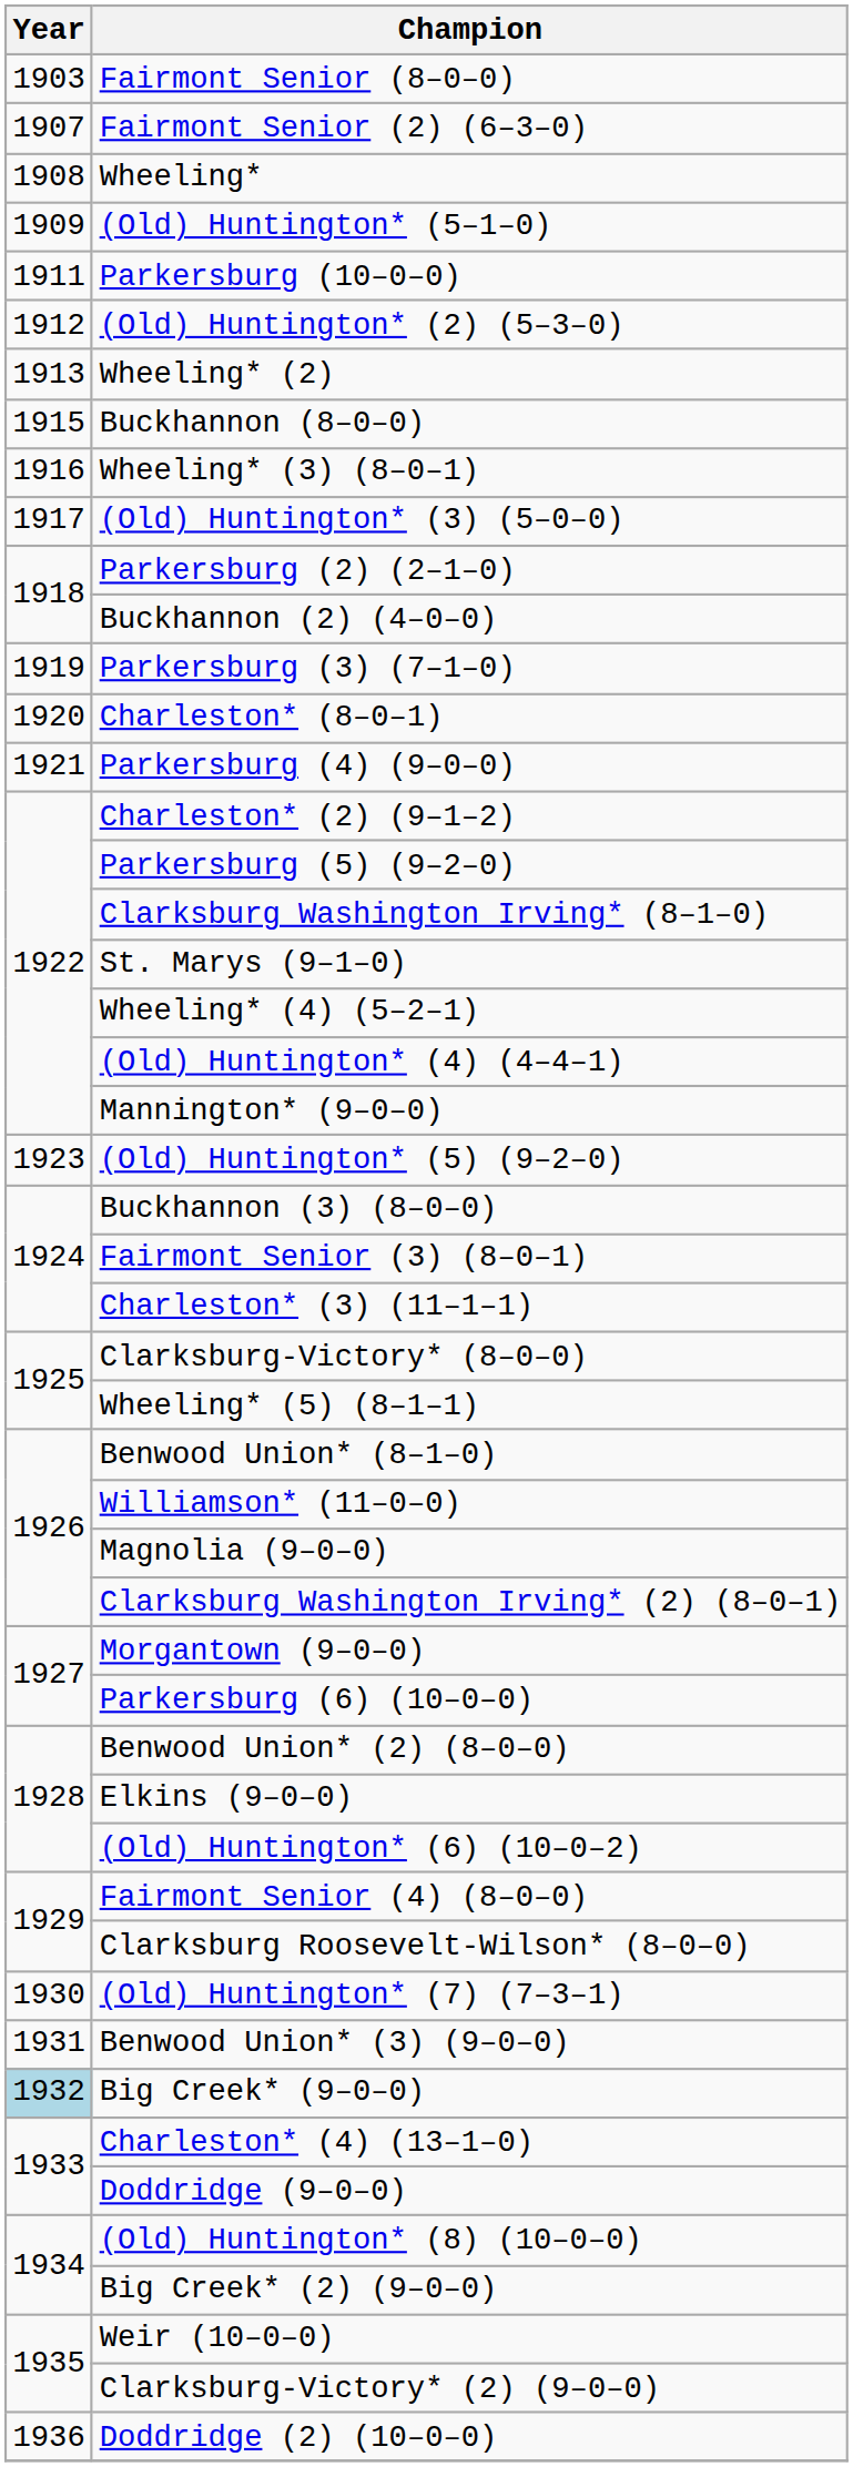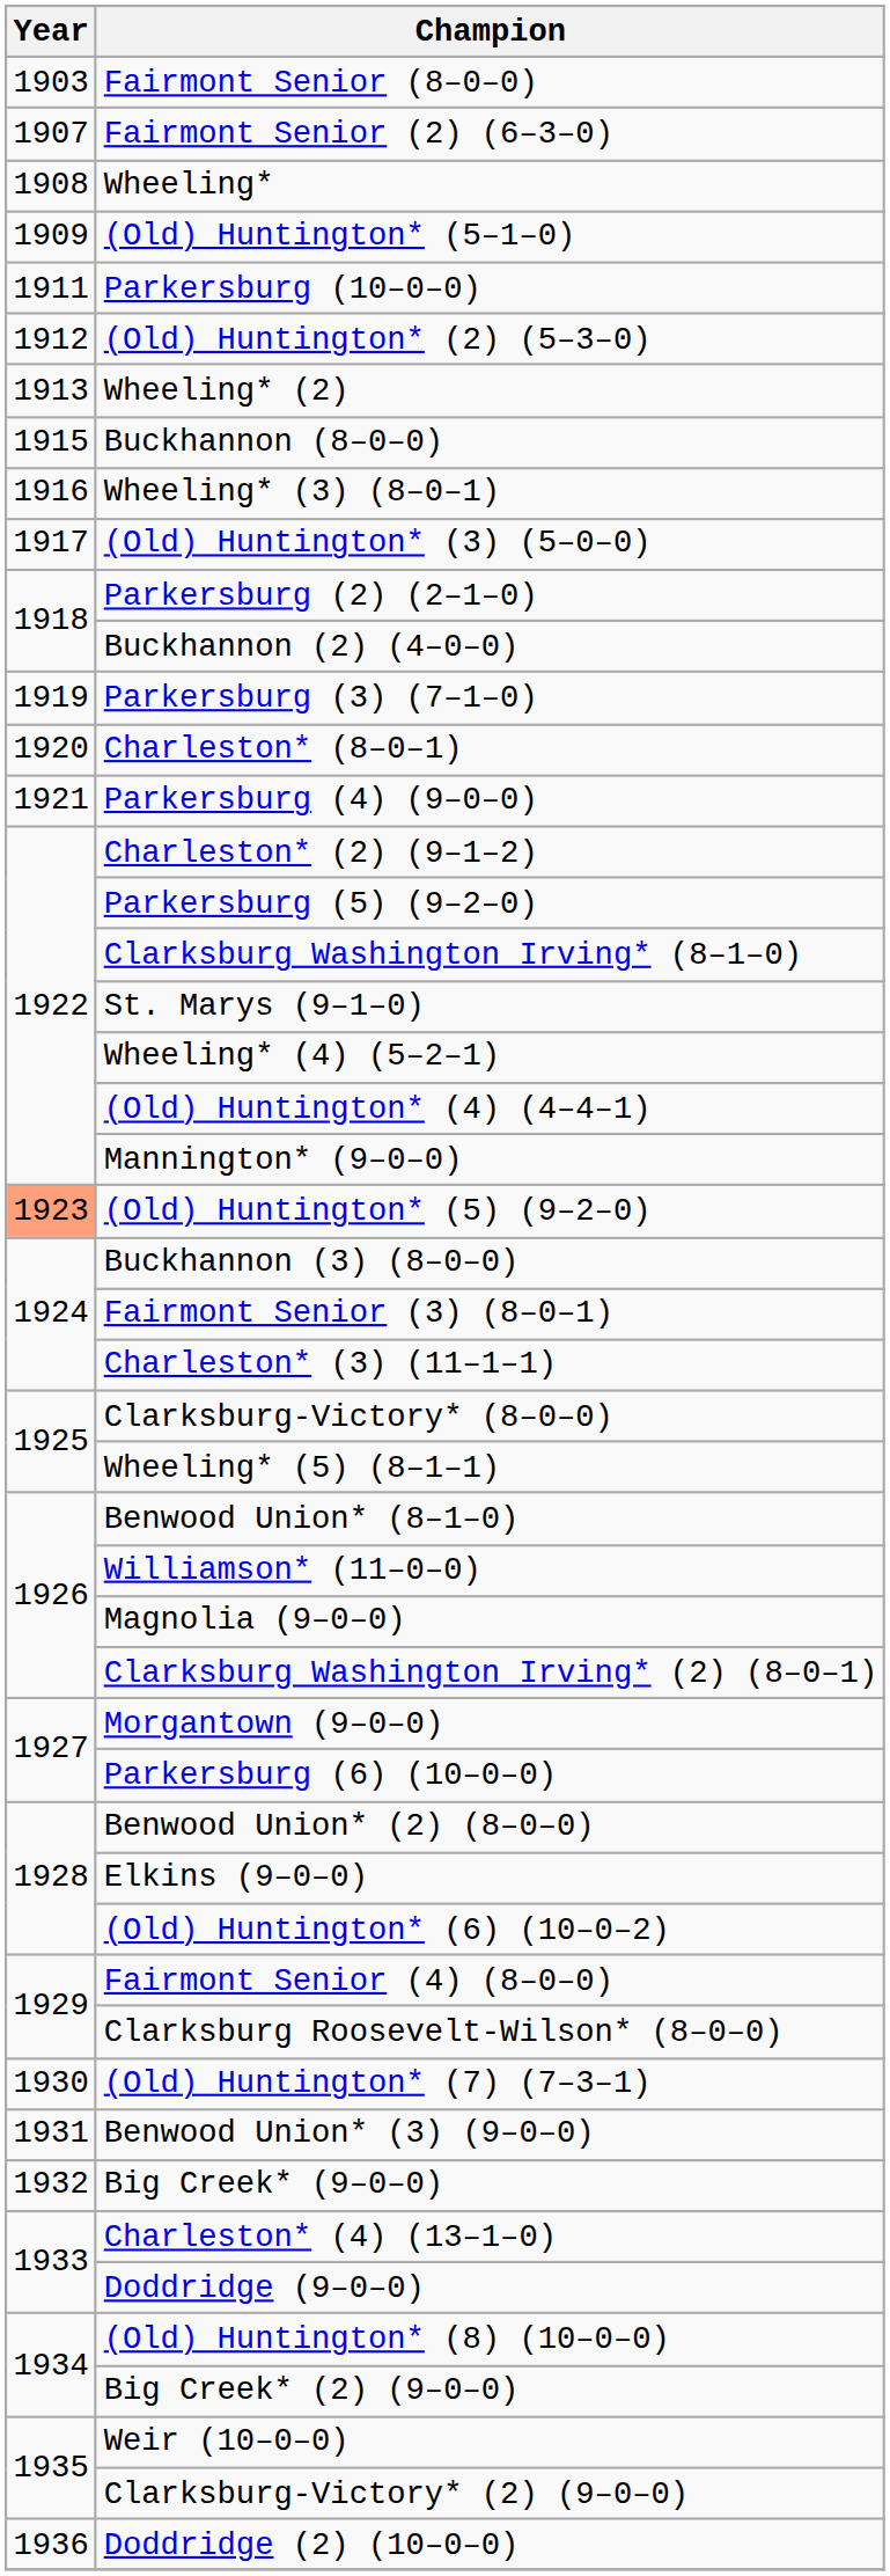 <table class="wikitable">
 <tr>
 <th>Year</th>
 <th>Champion</th>
 </tr>
 <tr>
 <td>1903</td>
 <td><a href='#'>Fairmont Senior</a> (8–0–0)</td>
 </tr>
 <tr>
 <td>1907</td>
 <td><a href='#'>Fairmont Senior</a> (2) (6–3–0)</td>
 </tr>
 <tr>
 <td>1908</td>
 <td>Wheeling*</td>
 </tr>
 <tr>
 <td>1909</td>
 <td><a href='#'>(Old) Huntington*</a> (5–1–0)</td>
 </tr>
 <tr>
 <td>1911</td>
 <td><a href='#'>Parkersburg</a> (10–0–0)</td>
 </tr>
 <tr>
 <td>1912</td>
 <td><a href='#'>(Old) Huntington*</a> (2) (5–3–0)</td>
 </tr>
 <tr>
 <td>1913</td>
 <td>Wheeling* (2)</td>
 </tr>
 <tr>
 <td>1915</td>
 <td>Buckhannon (8–0–0)</td>
 </tr>
 <tr>
 <td>1916</td>
 <td>Wheeling* (3) (8–0–1)</td>
 </tr>
 <tr>
 <td>1917</td>
 <td><a href='#'>(Old) Huntington*</a> (3) (5–0–0)</td>
 </tr>
 <tr>
 <td rowspan=2 style="text-align: center;">1918</td>
 <td><a href='#'>Parkersburg</a> (2) (2–1–0)</td>
 </tr>
 <tr>
 <td>Buckhannon (2) (4–0–0)</td>
 </tr>
 <tr>
 <td>1919</td>
 <td><a href='#'>Parkersburg</a> (3) (7–1–0)</td>
 </tr>
 <tr>
 <td>1920</td>
 <td><a href='#'>Charleston*</a> (8–0–1)</td>
 </tr>
 <tr>
 <td>1921</td>
 <td><a href='#'>Parkersburg</a> (4) (9–0–0)</td>
 </tr>
 <tr>
 <td rowspan=7 style="text-align: center;">1922</td>
 <td><a href='#'>Charleston*</a> (2) (9–1–2)</td>
 </tr>
 <tr>
 <td><a href='#'>Parkersburg</a> (5) (9–2–0)</td>
 </tr>
 <tr>
 <td><a href='#'>Clarksburg Washington Irving*</a> (8–1–0)</td>
 </tr>
 <tr>
 <td>St. Marys (9–1–0)</td>
 </tr>
 <tr>
 <td>Wheeling* (4) (5–2–1)</td>
 </tr>
 <tr>
 <td><a href='#'>(Old) Huntington*</a> (4) (4–4–1)</td>
 </tr>
 <tr>
 <td>Mannington* (9–0–0)</td>
 </tr>
 <tr>
-<td>1923</td>
+<td style="background: lightsalmon;">1923</td>
 <td><a href='#'>(Old) Huntington*</a> (5) (9–2–0)</td>
 </tr>
 <tr>
 <td rowspan=3 style="text-align: center;">1924</td>
 <td>Buckhannon (3) (8–0–0)</td>
 </tr>
 <tr>
 <td><a href='#'>Fairmont Senior</a> (3) (8–0–1)</td>
 </tr>
 <tr>
 <td><a href='#'>Charleston*</a> (3) (11–1–1)</td>
 </tr>
 <tr>
 <td rowspan=2 style="text-align: center;">1925</td>
 <td>Clarksburg-Victory* (8–0–0)</td>
 </tr>
 <tr>
 <td>Wheeling* (5) (8–1–1)</td>
 </tr>
 <tr>
 <td rowspan=4 style="text-align: center;">1926</td>
 <td>Benwood Union* (8–1–0)</td>
 </tr>
 <tr>
 <td><a href='#'>Williamson*</a> (11–0–0)</td>
 </tr>
 <tr>
 <td>Magnolia (9–0–0)</td>
 </tr>
 <tr>
 <td><a href='#'>Clarksburg Washington Irving*</a> (2) (8–0–1)</td>
 </tr>
 <tr>
 <td rowspan=2 style="text-align: center;">1927</td>
 <td><a href='#'>Morgantown</a> (9–0–0)</td>
 </tr>
 <tr>
 <td><a href='#'>Parkersburg</a> (6) (10–0–0)</td>
 </tr>
 <tr>
 <td rowspan=3 style="text-align: center;">1928</td>
 <td>Benwood Union* (2) (8–0–0)</td>
 </tr>
 <tr>
 <td>Elkins (9–0–0)</td>
 </tr>
 <tr>
 <td><a href='#'>(Old) Huntington*</a> (6) (10–0–2)</td>
 </tr>
 <tr>
 <td rowspan=2 style="text-align: center;">1929</td>
 <td><a href='#'>Fairmont Senior</a> (4) (8–0–0)</td>
 </tr>
 <tr>
 <td>Clarksburg Roosevelt-Wilson* (8–0–0)</td>
 </tr>
 <tr>
 <td>1930</td>
 <td><a href='#'>(Old) Huntington*</a> (7) (7–3–1)</td>
 </tr>
 <tr>
 <td>1931</td>
 <td>Benwood Union* (3) (9–0–0)</td>
 </tr>
 <tr>
-<td style="background: lightblue;">1932</td>
+<td>1932</td>
 <td>Big Creek* (9–0–0)</td>
 </tr>
 <tr>
 <td rowspan=2 style="text-align: center;">1933</td>
 <td><a href='#'>Charleston*</a> (4) (13–1–0)</td>
 </tr>
 <tr>
 <td><a href='#'>Doddridge</a> (9–0–0)</td>
 </tr>
 <tr>
 <td rowspan=2 style="text-align: center;">1934</td>
 <td><a href='#'>(Old) Huntington*</a> (8) (10–0–0)</td>
 </tr>
 <tr>
 <td>Big Creek* (2) (9–0–0)</td>
 </tr>
 <tr>
 <td rowspan=2 style="text-align: center;">1935</td>
 <td>Weir (10–0–0)</td>
 </tr>
 <tr>
 <td>Clarksburg-Victory* (2) (9–0–0)</td>
 </tr>
 <tr>
 <td>1936</td>
 <td><a href='#'>Doddridge</a> (2) (10–0–0)</td>
 </tr>
 <tr>
 </tr>
 </table>
